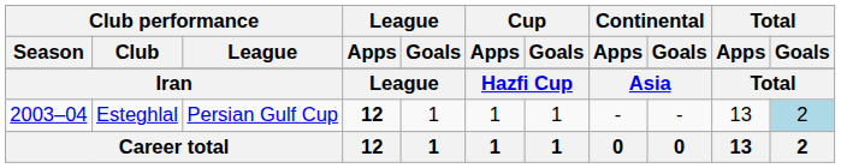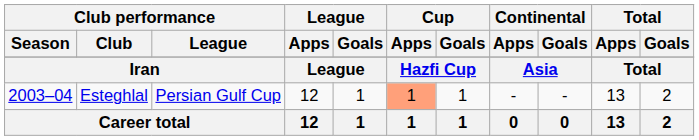 <table class="wikitable" style="text-align:center">
 <tr>
 <th colspan=3>Club performance</th>
 <th colspan=2>League</th>
 <th colspan=2>Cup</th>
 <th colspan=2>Continental</th>
 <th colspan=2>Total</th>
 </tr>
 <tr>
 <th>Season</th>
 <th>Club</th>
 <th>League</th>
 <th>Apps</th>
 <th>Goals</th>
 <th>Apps</th>
 <th>Goals</th>
 <th>Apps</th>
 <th>Goals</th>
 <th>Apps</th>
 <th>Goals</th>
 </tr>
 <tr>
 </tr>
 <tr>
 <th colspan=3>Iran</th>
 <th colspan=2>League</th>
 <th colspan=2><a href='#'>Hazfi Cup</a></th>
 <th colspan=2><a href='#'>Asia</a></th>
 <th colspan=2>Total</th>
 </tr>
 <tr>
 <td><a href='#'>2003–04</a></td>
 <td rowspan="1"><a href='#'>Esteghlal</a></td>
 <td rowspan="1"><a href='#'>Persian Gulf Cup</a></td>
-<td><strong>12</strong></td>
+<td>12</td>
 <td>1</td>
-<td>1</td>
+<td style="background: lightsalmon;">1</td>
 <td>1</td>
 <td>-</td>
 <td>-</td>
 <td>13</td>
-<td style="background: lightblue;">2</td>
+<td>2</td>
 </tr>
 <tr>
 <th colspan=3>Career total</th>
 <th>12</th>
 <th>1</th>
 <th>1</th>
 <th>1</th>
 <th>0</th>
 <th>0</th>
 <th>13</th>
 <th>2</th>
 </tr>
 </table>
